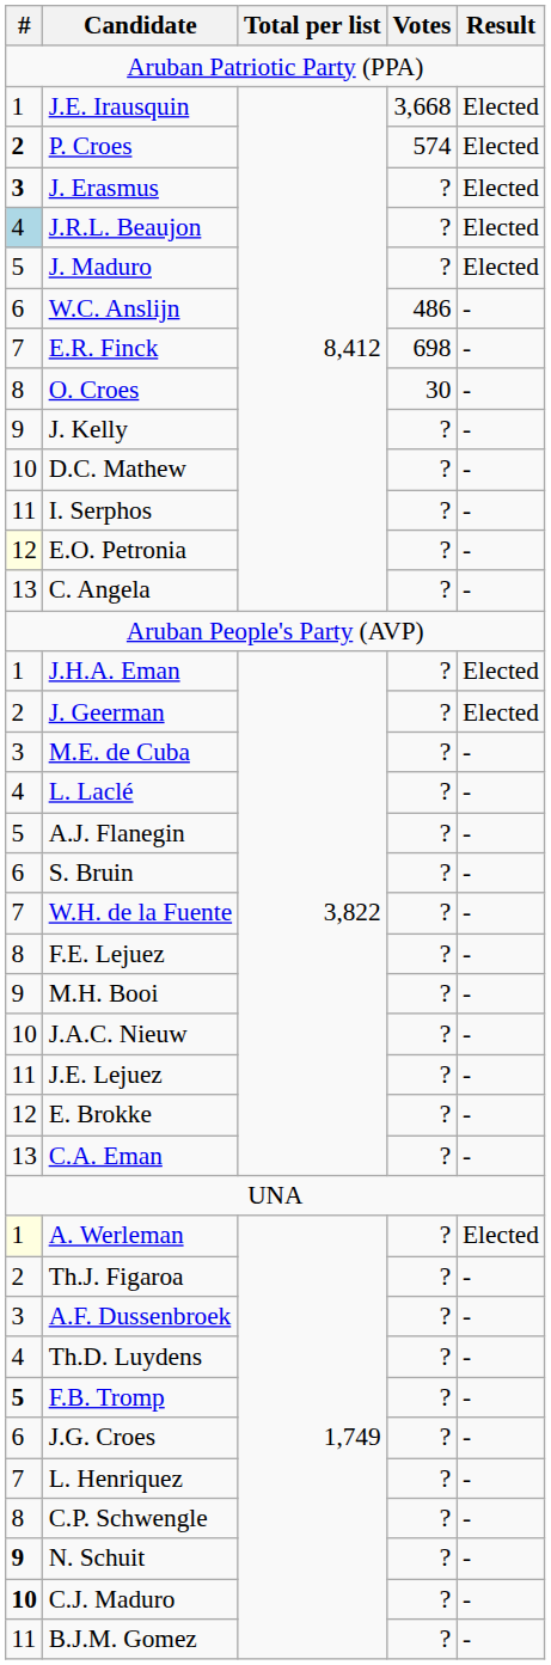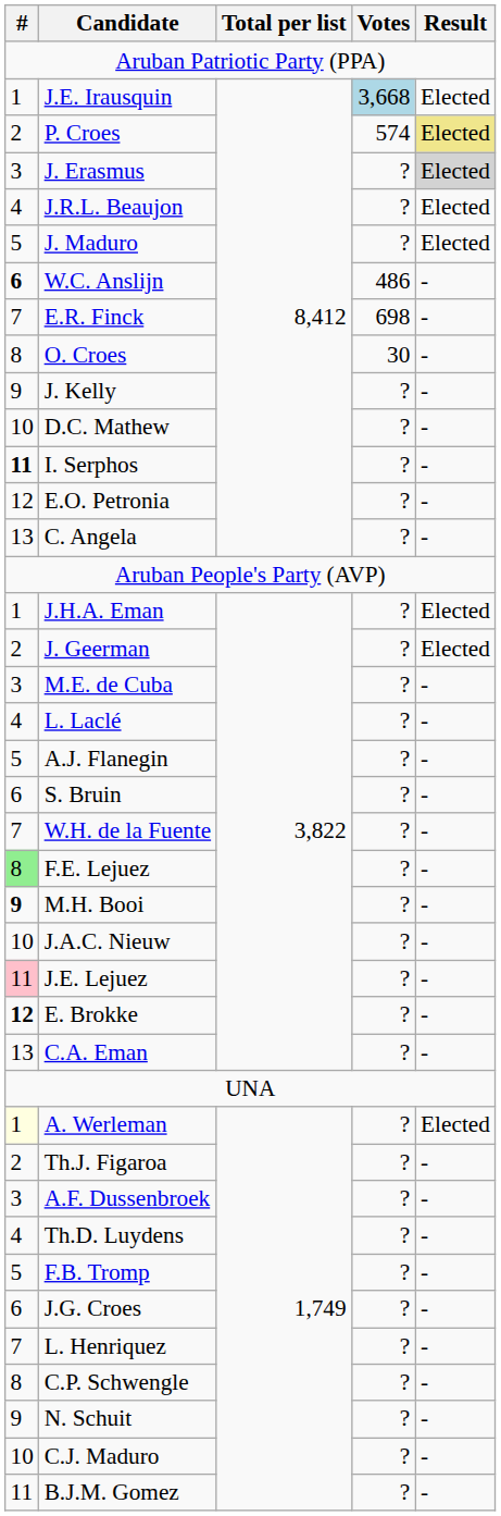 <table class="wikitable">
 <tr>
 <th>#</th>
 <th>Candidate</th>
 <th>Total per list</th>
 <th>Votes</th>
 <th>Result</th>
 </tr>
 <tr>
 <td Colspan = "5" style="text-align:center;"><a href='#'>Aruban Patriotic Party</a> (PPA)</td>
 </tr>
 <tr>
 <td>1</td>
 <td><a href='#'>J.E. Irausquin</a></td>
 <td Rowspan="13" style="text-align:right">8,412</td>
-<td style="text-align:right">3,668</td>
+<td style="background: lightblue; text-align:right">3,668</td>
 <td>Elected</td>
 </tr>
 <tr>
-<td><strong>2</strong></td>
+<td>2</td>
 <td><a href='#'>P. Croes</a></td>
 <td style="text-align:right">574</td>
-<td>Elected</td>
+<td style="background: khaki;">Elected</td>
 </tr>
 <tr>
-<td><strong>3</strong></td>
+<td>3</td>
 <td><a href='#'>J. Erasmus</a></td>
 <td style="text-align:right">?</td>
-<td>Elected</td>
+<td style="background: lightgrey;">Elected</td>
 </tr>
 <tr>
-<td style="background: lightblue;">4</td>
+<td>4</td>
 <td><a href='#'>J.R.L. Beaujon</a></td>
 <td style="text-align:right">?</td>
 <td>Elected</td>
 </tr>
 <tr>
 <td>5</td>
 <td><a href='#'>J. Maduro</a></td>
 <td style="text-align:right">?</td>
 <td>Elected</td>
 </tr>
 <tr>
-<td>6</td>
+<td><strong>6</strong></td>
 <td><a href='#'>W.C. Anslijn</a></td>
 <td style="text-align:right">486</td>
 <td>-</td>
 </tr>
 <tr>
 <td>7</td>
 <td><a href='#'>E.R. Finck</a></td>
 <td style="text-align:right">698</td>
 <td>-</td>
 </tr>
 <tr>
 <td>8</td>
 <td><a href='#'>O. Croes</a></td>
 <td style="text-align:right">30</td>
 <td>-</td>
 </tr>
 <tr>
 <td>9</td>
 <td>J. Kelly</td>
 <td style="text-align:right">?</td>
 <td>-</td>
 </tr>
 <tr>
 <td>10</td>
 <td>D.C. Mathew</td>
 <td style="text-align:right">?</td>
 <td>-</td>
 </tr>
 <tr>
-<td>11</td>
+<td><strong>11</strong></td>
 <td>I. Serphos</td>
 <td style="text-align:right">?</td>
 <td>-</td>
 </tr>
 <tr>
-<td style="background: lightyellow;">12</td>
+<td>12</td>
 <td>E.O. Petronia</td>
 <td style="text-align:right">?</td>
 <td>-</td>
 </tr>
 <tr>
 <td>13</td>
 <td>C. Angela</td>
 <td style="text-align:right">?</td>
 <td>-</td>
 </tr>
 <tr>
 <td Colspan = "5" style="text-align:center;"><a href='#'>Aruban People's Party</a> (AVP)</td>
 </tr>
 <tr>
 <td>1</td>
 <td><a href='#'>J.H.A. Eman</a></td>
 <td Rowspan="13" style="text-align:right">3,822</td>
 <td style="text-align:right">?</td>
 <td>Elected</td>
 </tr>
 <tr>
 <td>2</td>
 <td><a href='#'>J. Geerman</a></td>
 <td style="text-align:right">?</td>
 <td>Elected</td>
 </tr>
 <tr>
 <td>3</td>
 <td><a href='#'>M.E. de Cuba</a></td>
 <td style="text-align:right">?</td>
 <td>-</td>
 </tr>
 <tr>
 <td>4</td>
 <td><a href='#'>L. Laclé</a></td>
 <td style="text-align:right">?</td>
 <td>-</td>
 </tr>
 <tr>
 <td>5</td>
 <td>A.J. Flanegin</td>
 <td style="text-align:right">?</td>
 <td>-</td>
 </tr>
 <tr>
 <td>6</td>
 <td>S. Bruin</td>
 <td style="text-align:right">?</td>
 <td>-</td>
 </tr>
 <tr>
 <td>7</td>
 <td><a href='#'>W.H. de la Fuente</a></td>
 <td style="text-align:right">?</td>
 <td>-</td>
 </tr>
 <tr>
-<td>8</td>
+<td style="background: lightgreen;">8</td>
 <td>F.E. Lejuez</td>
 <td style="text-align:right">?</td>
 <td>-</td>
 </tr>
 <tr>
-<td>9</td>
+<td><strong>9</strong></td>
 <td>M.H. Booi</td>
 <td style="text-align:right">?</td>
 <td>-</td>
 </tr>
 <tr>
 <td>10</td>
 <td>J.A.C. Nieuw</td>
 <td style="text-align:right">?</td>
 <td>-</td>
 </tr>
 <tr>
-<td>11</td>
+<td style="background: pink;">11</td>
 <td>J.E. Lejuez</td>
 <td style="text-align:right">?</td>
 <td>-</td>
 </tr>
 <tr>
-<td>12</td>
+<td><strong>12</strong></td>
 <td>E. Brokke</td>
 <td style="text-align:right">?</td>
 <td>-</td>
 </tr>
 <tr>
 <td>13</td>
 <td><a href='#'>C.A. Eman</a></td>
 <td style="text-align:right">?</td>
 <td>-</td>
 </tr>
 <tr>
 <td Colspan = "5" style="text-align:center;">UNA</td>
 </tr>
 <tr>
 <td style="background: lightyellow;">1</td>
 <td><a href='#'>A. Werleman</a></td>
 <td Rowspan="11" style="text-align:right">1,749</td>
 <td style="text-align:right">?</td>
 <td>Elected</td>
 </tr>
 <tr>
 <td>2</td>
 <td>Th.J. Figaroa</td>
 <td style="text-align:right">?</td>
 <td>-</td>
 </tr>
 <tr>
 <td>3</td>
 <td><a href='#'>A.F. Dussenbroek</a></td>
 <td style="text-align:right">?</td>
 <td>-</td>
 </tr>
 <tr>
 <td>4</td>
 <td>Th.D. Luydens</td>
 <td style="text-align:right">?</td>
 <td>-</td>
 </tr>
 <tr>
-<td><strong>5</strong></td>
+<td>5</td>
 <td><a href='#'>F.B. Tromp</a></td>
 <td style="text-align:right">?</td>
 <td>-</td>
 </tr>
 <tr>
 <td>6</td>
 <td>J.G. Croes</td>
 <td style="text-align:right">?</td>
 <td>-</td>
 </tr>
 <tr>
 <td>7</td>
 <td>L. Henriquez</td>
 <td style="text-align:right">?</td>
 <td>-</td>
 </tr>
 <tr>
 <td>8</td>
 <td>C.P. Schwengle</td>
 <td style="text-align:right">?</td>
 <td>-</td>
 </tr>
 <tr>
-<td><strong>9</strong></td>
+<td>9</td>
 <td>N. Schuit</td>
 <td style="text-align:right">?</td>
 <td>-</td>
 </tr>
 <tr>
-<td><strong>10</strong></td>
+<td>10</td>
 <td>C.J. Maduro</td>
 <td style="text-align:right">?</td>
 <td>-</td>
 </tr>
 <tr>
 <td>11</td>
 <td>B.J.M. Gomez</td>
 <td style="text-align:right">?</td>
 <td>-</td>
 </tr>
 </table>
